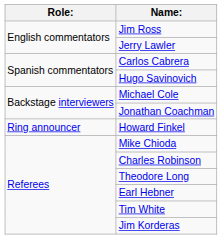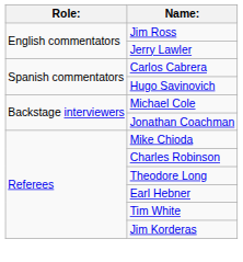 <table class=wikitable style="font-size:90%; margin: 0.5em 0 0.5em 1em; float: right; clear: right;">
 <tr>
 <th>Role:</th>
 <th>Name:</th>
 </tr>
 <tr>
 <td rowspan="2">English commentators</td>
 <td><a href='#'>Jim Ross</a></td>
 </tr>
 <tr>
 <td><a href='#'>Jerry Lawler</a></td>
 </tr>
 <tr>
 <td rowspan="2">Spanish commentators</td>
 <td><a href='#'>Carlos Cabrera</a></td>
 </tr>
 <tr>
 <td><a href='#'>Hugo Savinovich</a></td>
 </tr>
 <tr>
 <td rowspan="2">Backstage <a href='#'>interviewers</a></td>
 <td><a href='#'>Michael Cole</a></td>
 </tr>
 <tr>
 <td><a href='#'>Jonathan Coachman</a></td>
 </tr>
 <tr>
-<td><a href='#'>Ring announcer</a></td>
-<td><a href='#'>Howard Finkel</a></td>
-</tr>
-<tr>
 <td rowspan="6"><a href='#'>Referees</a></td>
 <td><a href='#'>Mike Chioda</a></td>
 </tr>
 <tr>
 <td><a href='#'>Charles Robinson</a></td>
 </tr>
 <tr>
 <td><a href='#'>Theodore Long</a></td>
 </tr>
 <tr>
 <td><a href='#'>Earl Hebner</a></td>
 </tr>
 <tr>
 <td><a href='#'>Tim White</a></td>
 </tr>
 <tr>
 <td><a href='#'>Jim Korderas</a></td>
 </tr>
 </table>
